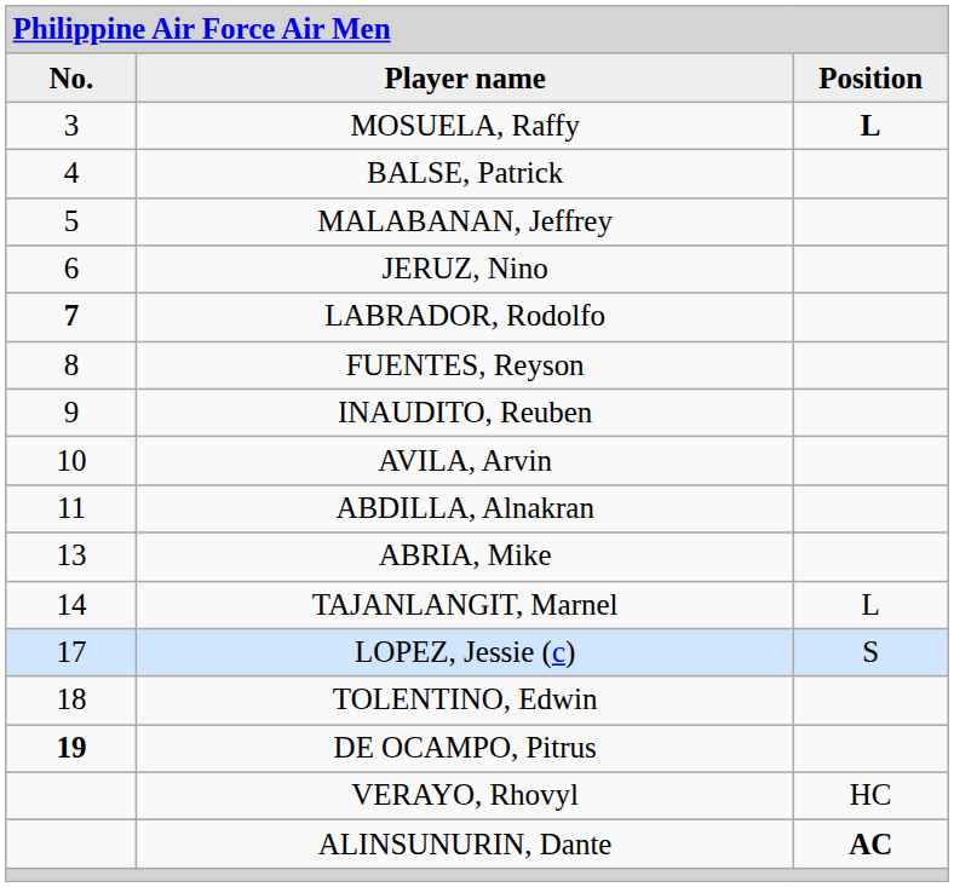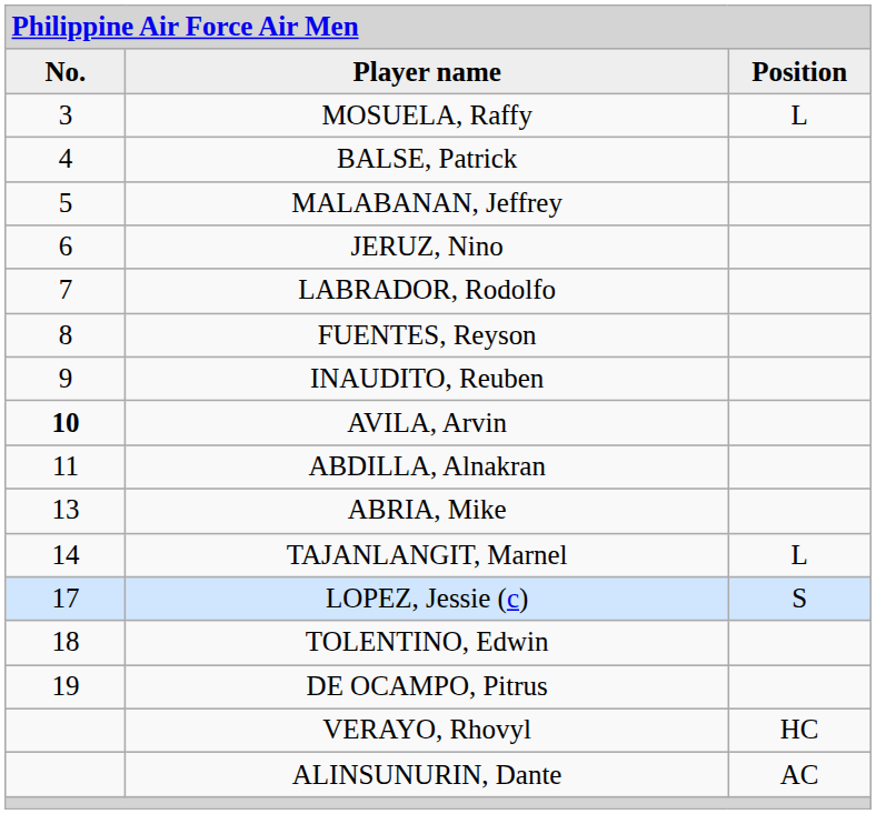 <table class='wikitable mw-collapsible mw-collapsed' style='text-align: center; width: 500px; border: none;'>
 <tr>
 <th style="background:#D4D4D4; text-align:left;" colspan=3><a href='#'>Philippine Air Force Air Men</a></th>
 </tr>
 <tr style="background:#EEEEEE; font-weight:bold;">
 <td width=10%>No.</td>
 <td width=50%>Player name</td>
 <td width=10%>Position</td>
 </tr>
 <tr>
 <td align=center>3</td>
 <td>MOSUELA, Raffy</td>
-<td align=center><strong>L</strong></td>
+<td align=center>L</td>
 </tr>
 <tr>
 <td align=center>4</td>
 <td>BALSE, Patrick</td>
 <td align=center></td>
 </tr>
 <tr>
 <td align=center>5</td>
 <td>MALABANAN, Jeffrey</td>
 <td align=center></td>
 </tr>
 <tr>
 <td align=center>6</td>
 <td>JERUZ, Nino</td>
 <td align=center></td>
 </tr>
 <tr>
-<td align=center><strong>7</strong></td>
+<td align=center>7</td>
 <td>LABRADOR, Rodolfo</td>
 <td align=center></td>
 </tr>
 <tr>
 <td align=center>8</td>
 <td>FUENTES, Reyson</td>
 <td align=center></td>
 </tr>
 <tr>
 <td align=center>9</td>
 <td>INAUDITO, Reuben</td>
 <td align=center></td>
 </tr>
 <tr>
-<td align=center>10</td>
+<td align=center><strong>10</strong></td>
 <td>AVILA, Arvin</td>
 <td align=center></td>
 </tr>
 <tr>
 <td align=center>11</td>
 <td>ABDILLA, Alnakran</td>
 <td align=center></td>
 </tr>
 <tr>
 <td align=center>13</td>
 <td>ABRIA, Mike</td>
 <td align=center></td>
 </tr>
 <tr>
 <td align=center>14</td>
 <td>TAJANLANGIT, Marnel</td>
 <td align=center>L</td>
 </tr>
 <tr style="background:#D0E6FF;">
 <td align=center>17</td>
 <td>LOPEZ, Jessie (<a href='#'>c</a>)</td>
 <td align=center>S</td>
 </tr>
 <tr>
 <td align=center>18</td>
 <td>TOLENTINO, Edwin</td>
 <td align=center></td>
 </tr>
 <tr>
-<td align=center><strong>19</strong></td>
+<td align=center>19</td>
 <td>DE OCAMPO, Pitrus</td>
 <td align=center></td>
 </tr>
 <tr>
 <td align=center></td>
 <td>VERAYO, Rhovyl</td>
 <td align=center>HC</td>
 </tr>
 <tr>
 <td align=center></td>
 <td>ALINSUNURIN, Dante</td>
-<td align=center><strong>AC</strong></td>
+<td align=center>AC</td>
 </tr>
 <tr>
 <th style="background:#D4D4D4;" colspan=3></th>
 </tr>
 <tr>
 </tr>
 </table>
